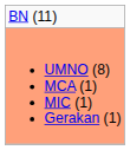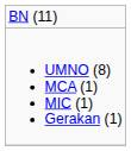 <table class="wikitable">
 <tr>
 <td> <a href='#'>BN</a> (11)</td>
 </tr>
 <tr>
-<td style="background: lightsalmon;"><br><ul><li> <a href='#'>UMNO</a> (8)</li><li> <a href='#'>MCA</a> (1)</li><li> <a href='#'>MIC</a> (1)</li><li> <a href='#'>Gerakan</a> (1)</li></ul></td>
+<td><br><ul><li> <a href='#'>UMNO</a> (8)</li><li> <a href='#'>MCA</a> (1)</li><li> <a href='#'>MIC</a> (1)</li><li> <a href='#'>Gerakan</a> (1)</li></ul></td>
 </tr>
 <tr>
 </tr>
 </table>
